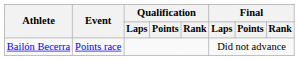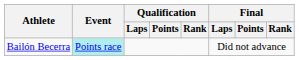 <table class="wikitable" style="font-size:90%">
 <tr>
 <th rowspan=2>Athlete</th>
 <th rowspan=2>Event</th>
 <th colspan=3>Qualification</th>
 <th colspan=3>Final</th>
 </tr>
 <tr style="font-size:95%">
 <th>Laps</th>
 <th>Points</th>
 <th>Rank</th>
 <th>Laps</th>
 <th>Points</th>
 <th>Rank</th>
 </tr>
 <tr align=center>
 <td align=left><a href='#'>Bailón Becerra</a></td>
-<td align=left><a href='#'>Points race</a></td>
+<td align=left style="background: paleturquoise;"><a href='#'>Points race</a></td>
 <td colspan=3></td>
 <td colspan=3>Did not advance</td>
 </tr>
 </table>
